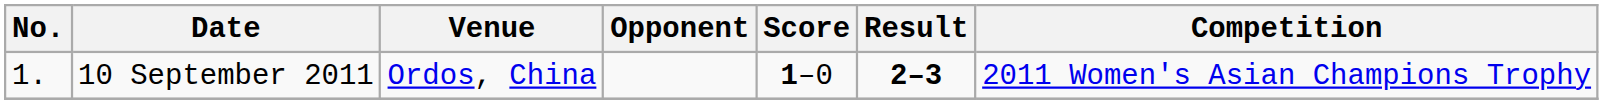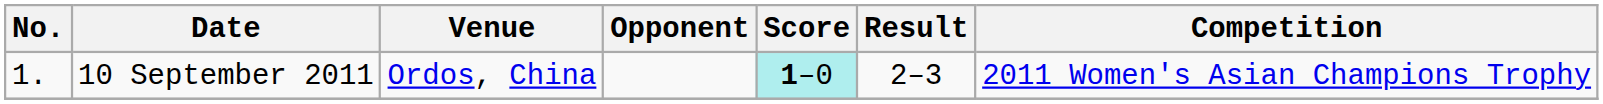 <table class="wikitable">
 <tr>
 <th>No.</th>
 <th>Date</th>
 <th>Venue</th>
 <th>Opponent</th>
 <th>Score</th>
 <th>Result</th>
 <th>Competition</th>
 </tr>
 <tr>
 <td>1.</td>
 <td>10 September 2011</td>
 <td><a href='#'>Ordos</a>, <a href='#'>China</a></td>
 <td></td>
-<td align=center><strong>1</strong>–0</td>
-<td align=center><strong>2–3 </strong></td>
+<td align=center style="background: paleturquoise;"><strong>1</strong>–0</td>
+<td align=center>2–3 </td>
 <td><a href='#'>2011 Women's Asian Champions Trophy</a></td>
 </tr>
 <tr>
 </tr>
 </table>
